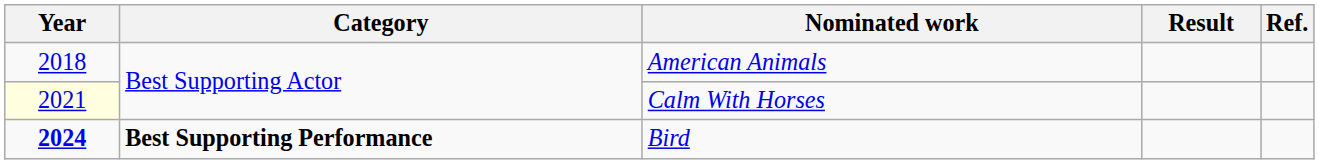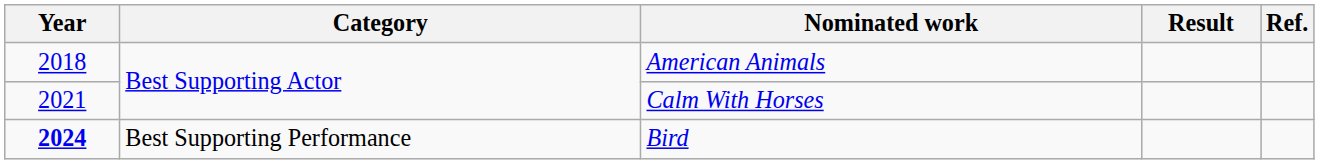 <table class=wikitable>
 <tr>
 <th scope="col" style="width:5em;">Year</th>
 <th scope="col" style="width:26em;">Category</th>
 <th scope="col" style="width:25em;">Nominated work</th>
 <th scope="col" style="width:5em;">Result</th>
 <th>Ref.</th>
 </tr>
 <tr>
 <td style="text-align:center;"><a href='#'>2018</a></td>
 <td rowspan="2"><a href='#'>Best Supporting Actor</a></td>
 <td><em><a href='#'>American Animals</a></em></td>
 <td></td>
 <td></td>
 </tr>
 <tr>
-<td style="background: lightyellow; text-align:center;"><a href='#'>2021</a></td>
+<td style="text-align:center;"><a href='#'>2021</a></td>
 <td><em><a href='#'>Calm With Horses</a></em></td>
 <td></td>
 <td></td>
 </tr>
 <tr>
 <td style="text-align:center;"><strong><a href='#'>2024</a></strong></td>
-<td><strong>Best Supporting Performance</strong></td>
+<td>Best Supporting Performance</td>
 <td><em><a href='#'>Bird</a></em></td>
 <td></td>
 </tr>
 </table>
